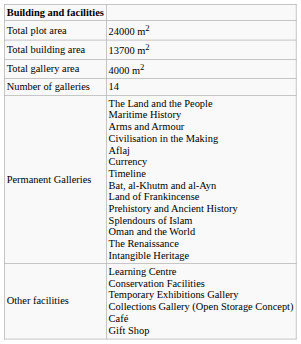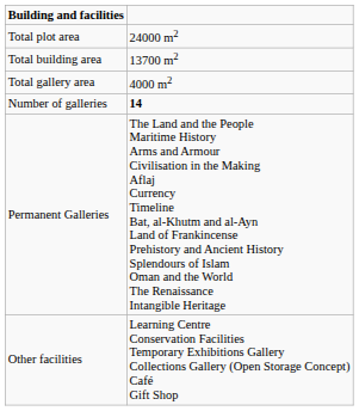 <table class="wikitable">
 <tr>
 <td><strong>Building and facilities</strong></td>
 <td></td>
 </tr>
 <tr>
 <td>Total plot area</td>
 <td>24000 m<sup>2</sup></td>
 </tr>
 <tr>
 <td>Total building area</td>
 <td>13700 m<sup>2</sup></td>
 </tr>
 <tr>
 <td>Total gallery area</td>
 <td>4000 m<sup>2</sup></td>
 </tr>
 <tr>
 <td>Number of galleries</td>
-<td>14</td>
+<td><strong>14</strong></td>
 </tr>
 <tr>
 <td>Permanent Galleries</td>
 <td>The Land and the People<br>Maritime History<br>Arms and Armour<br>Civilisation in the Making<br>Aflaj<br>Currency<br>Timeline<br>Bat, al-Khutm and al-Ayn<br>Land of Frankincense<br>Prehistory and Ancient History<br>Splendours of Islam<br>Oman and the World<br>The Renaissance<br>Intangible Heritage</td>
 </tr>
 <tr>
 <td>Other facilities</td>
 <td>Learning Centre<br>Conservation Facilities<br>Temporary Exhibitions Gallery<br>Collections Gallery (Open Storage Concept)<br>Café<br>Gift Shop</td>
 </tr>
 </table>
